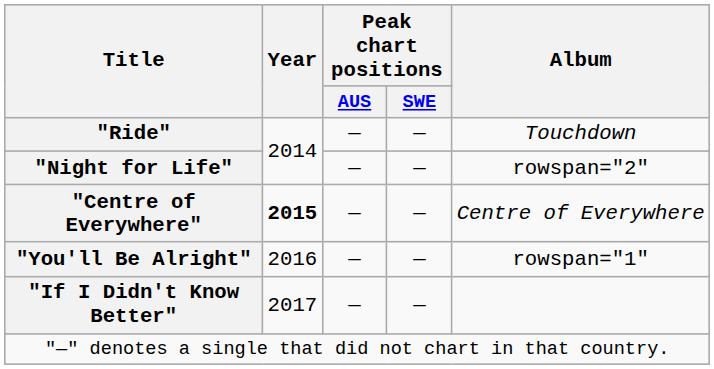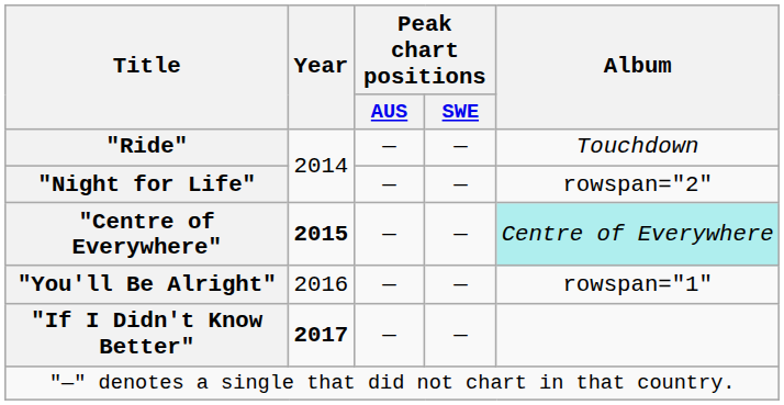 <table class="wikitable plainrowheaders" style="text-align:center;">
 <tr>
 <th scope="col" rowspan="2" style="width:12em;">Title</th>
 <th scope="col" rowspan="2" style="width:1em;">Year</th>
 <th scope="col" colspan="2">Peak chart positions</th>
 <th scope="col" rowspan="2">Album</th>
 </tr>
 <tr>
 <th scope="col" style="width:3em;font-size:90%;"><a href='#'>AUS</a><br></th>
 <th scope="col" style="width:3em;font-size:90%;"><a href='#'>SWE</a><br></th>
 </tr>
 <tr>
 <th scope="row">"Ride"</th>
 <td rowspan="2">2014</td>
 <td>—</td>
 <td>—</td>
 <td><em>Touchdown</em></td>
 </tr>
 <tr>
 <th scope="row">"Night for Life"</th>
 <td>—</td>
 <td>—</td>
 <td>rowspan="2" </td>
 </tr>
 <tr>
 <th scope="row">"Centre of Everywhere"</th>
 <td><strong>2015</strong></td>
 <td>—</td>
 <td>—</td>
-<td><em>Centre of Everywhere</em></td>
+<td style="background: paleturquoise;"><em>Centre of Everywhere</em></td>
 </tr>
 <tr>
 <th scope="row">"You'll Be Alright"</th>
 <td>2016</td>
 <td>—</td>
 <td>—</td>
 <td>rowspan="1" </td>
 </tr>
 <tr>
 <th scope="row">"If I Didn't Know Better"</th>
-<td>2017</td>
+<td><strong>2017</strong></td>
 <td>—</td>
 <td>—</td>
 </tr>
 <tr>
 <td colspan="5" style="font-size:90%">"—" denotes a single that did not chart in that country.</td>
 </tr>
 </table>
